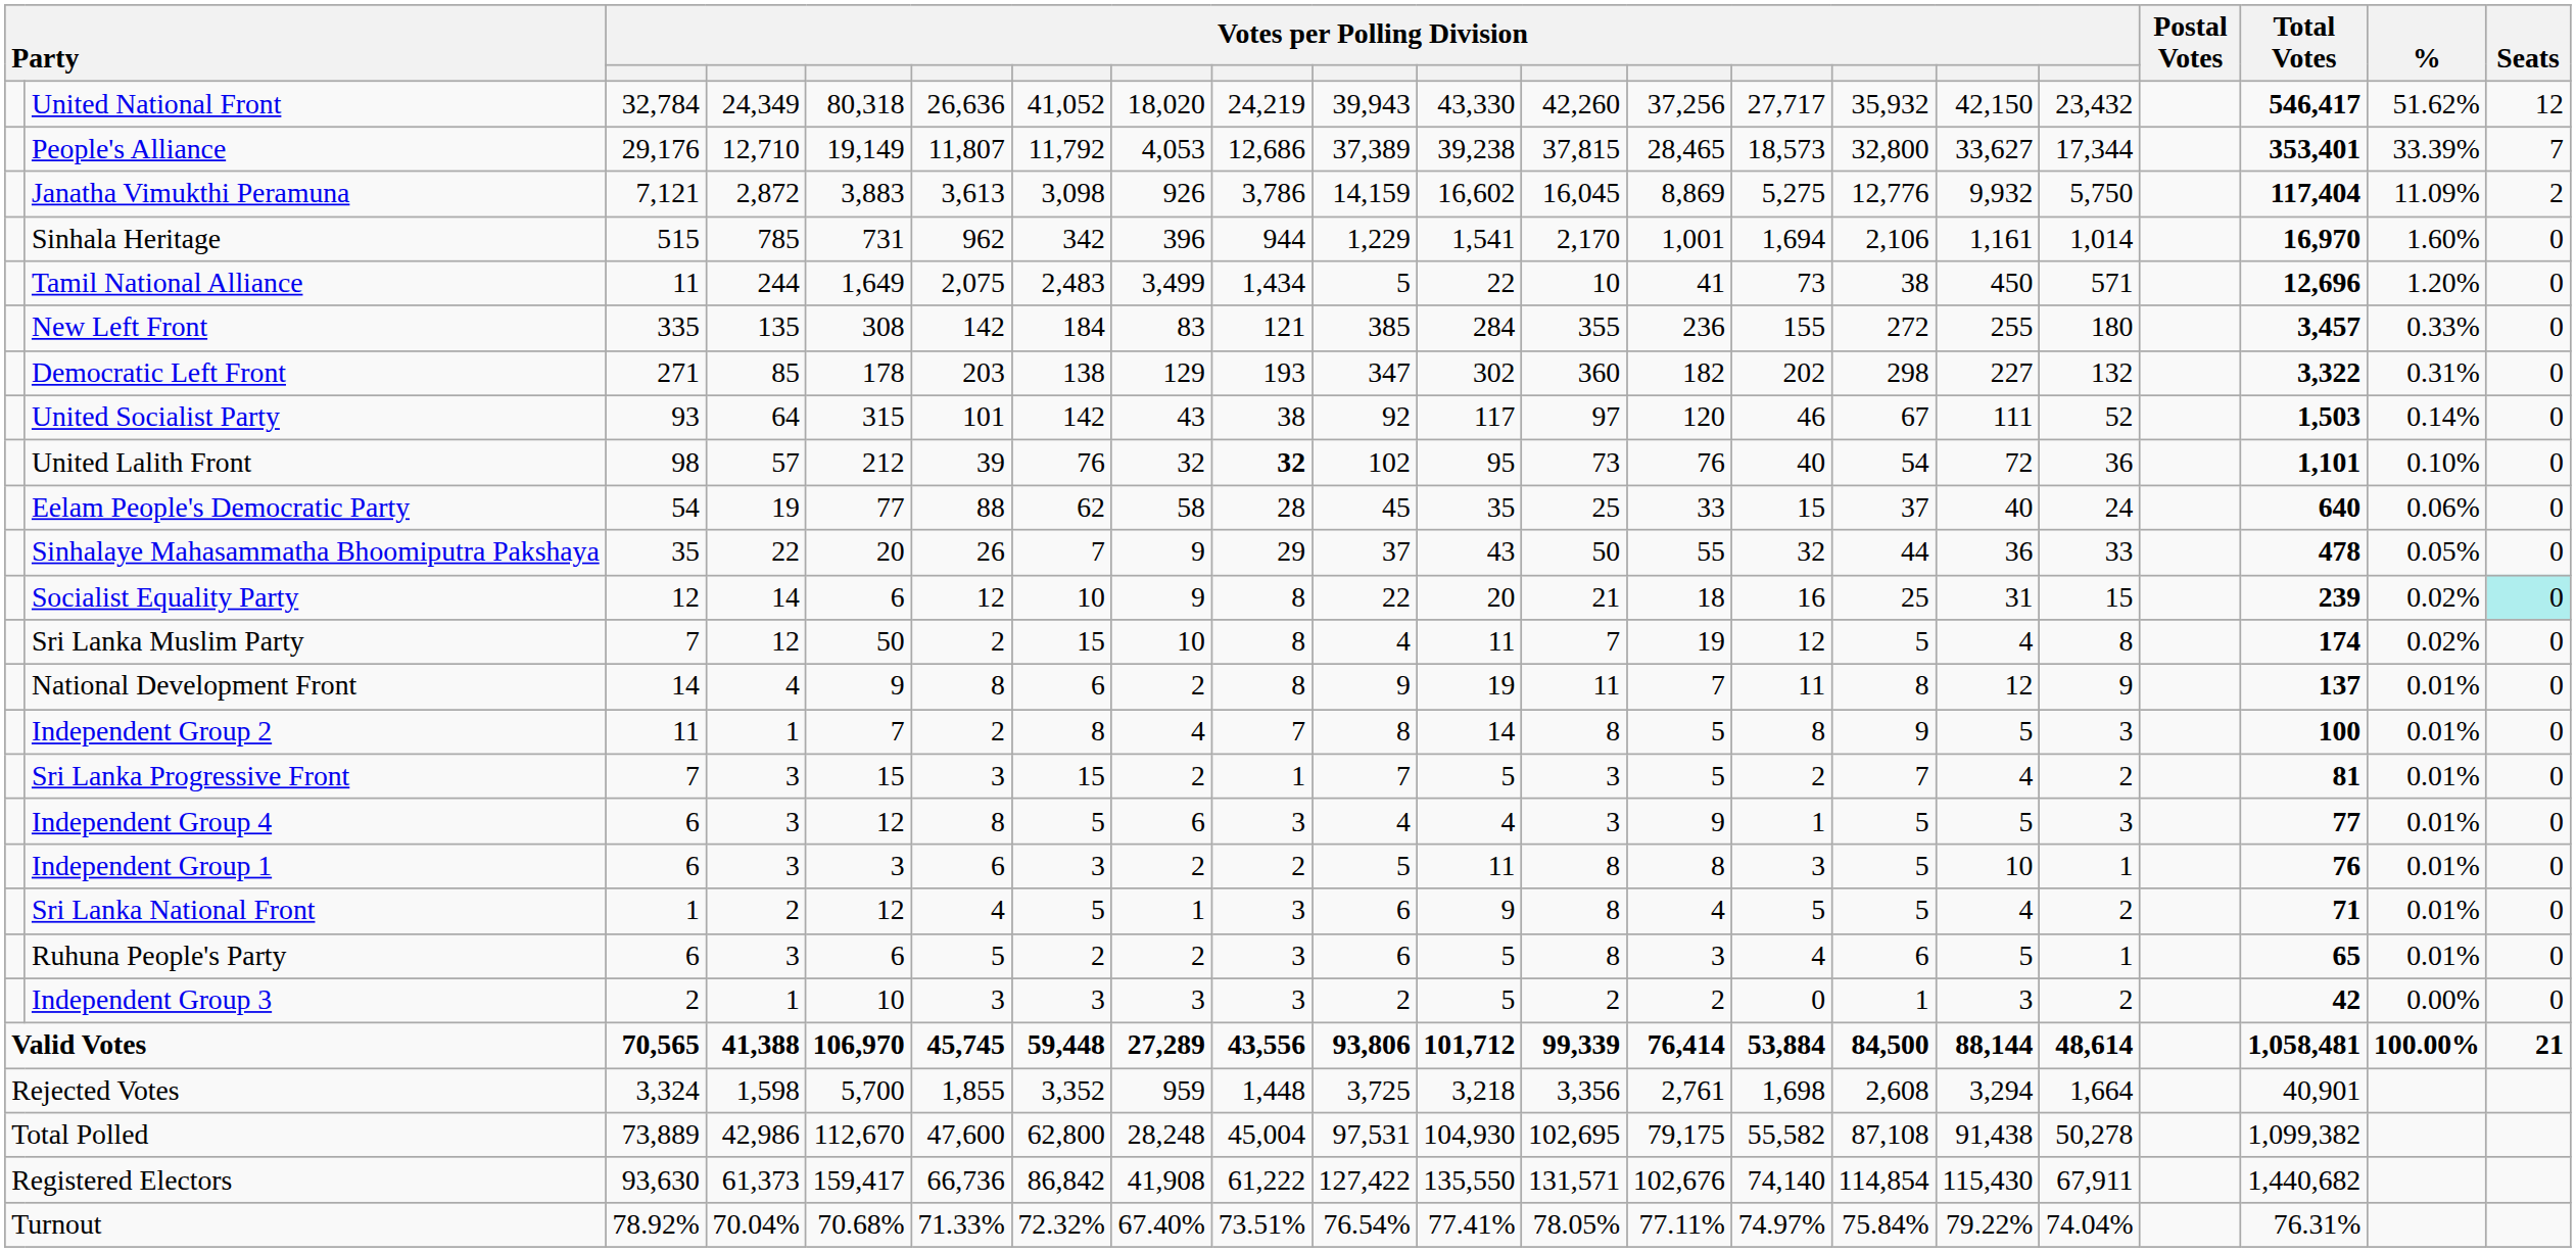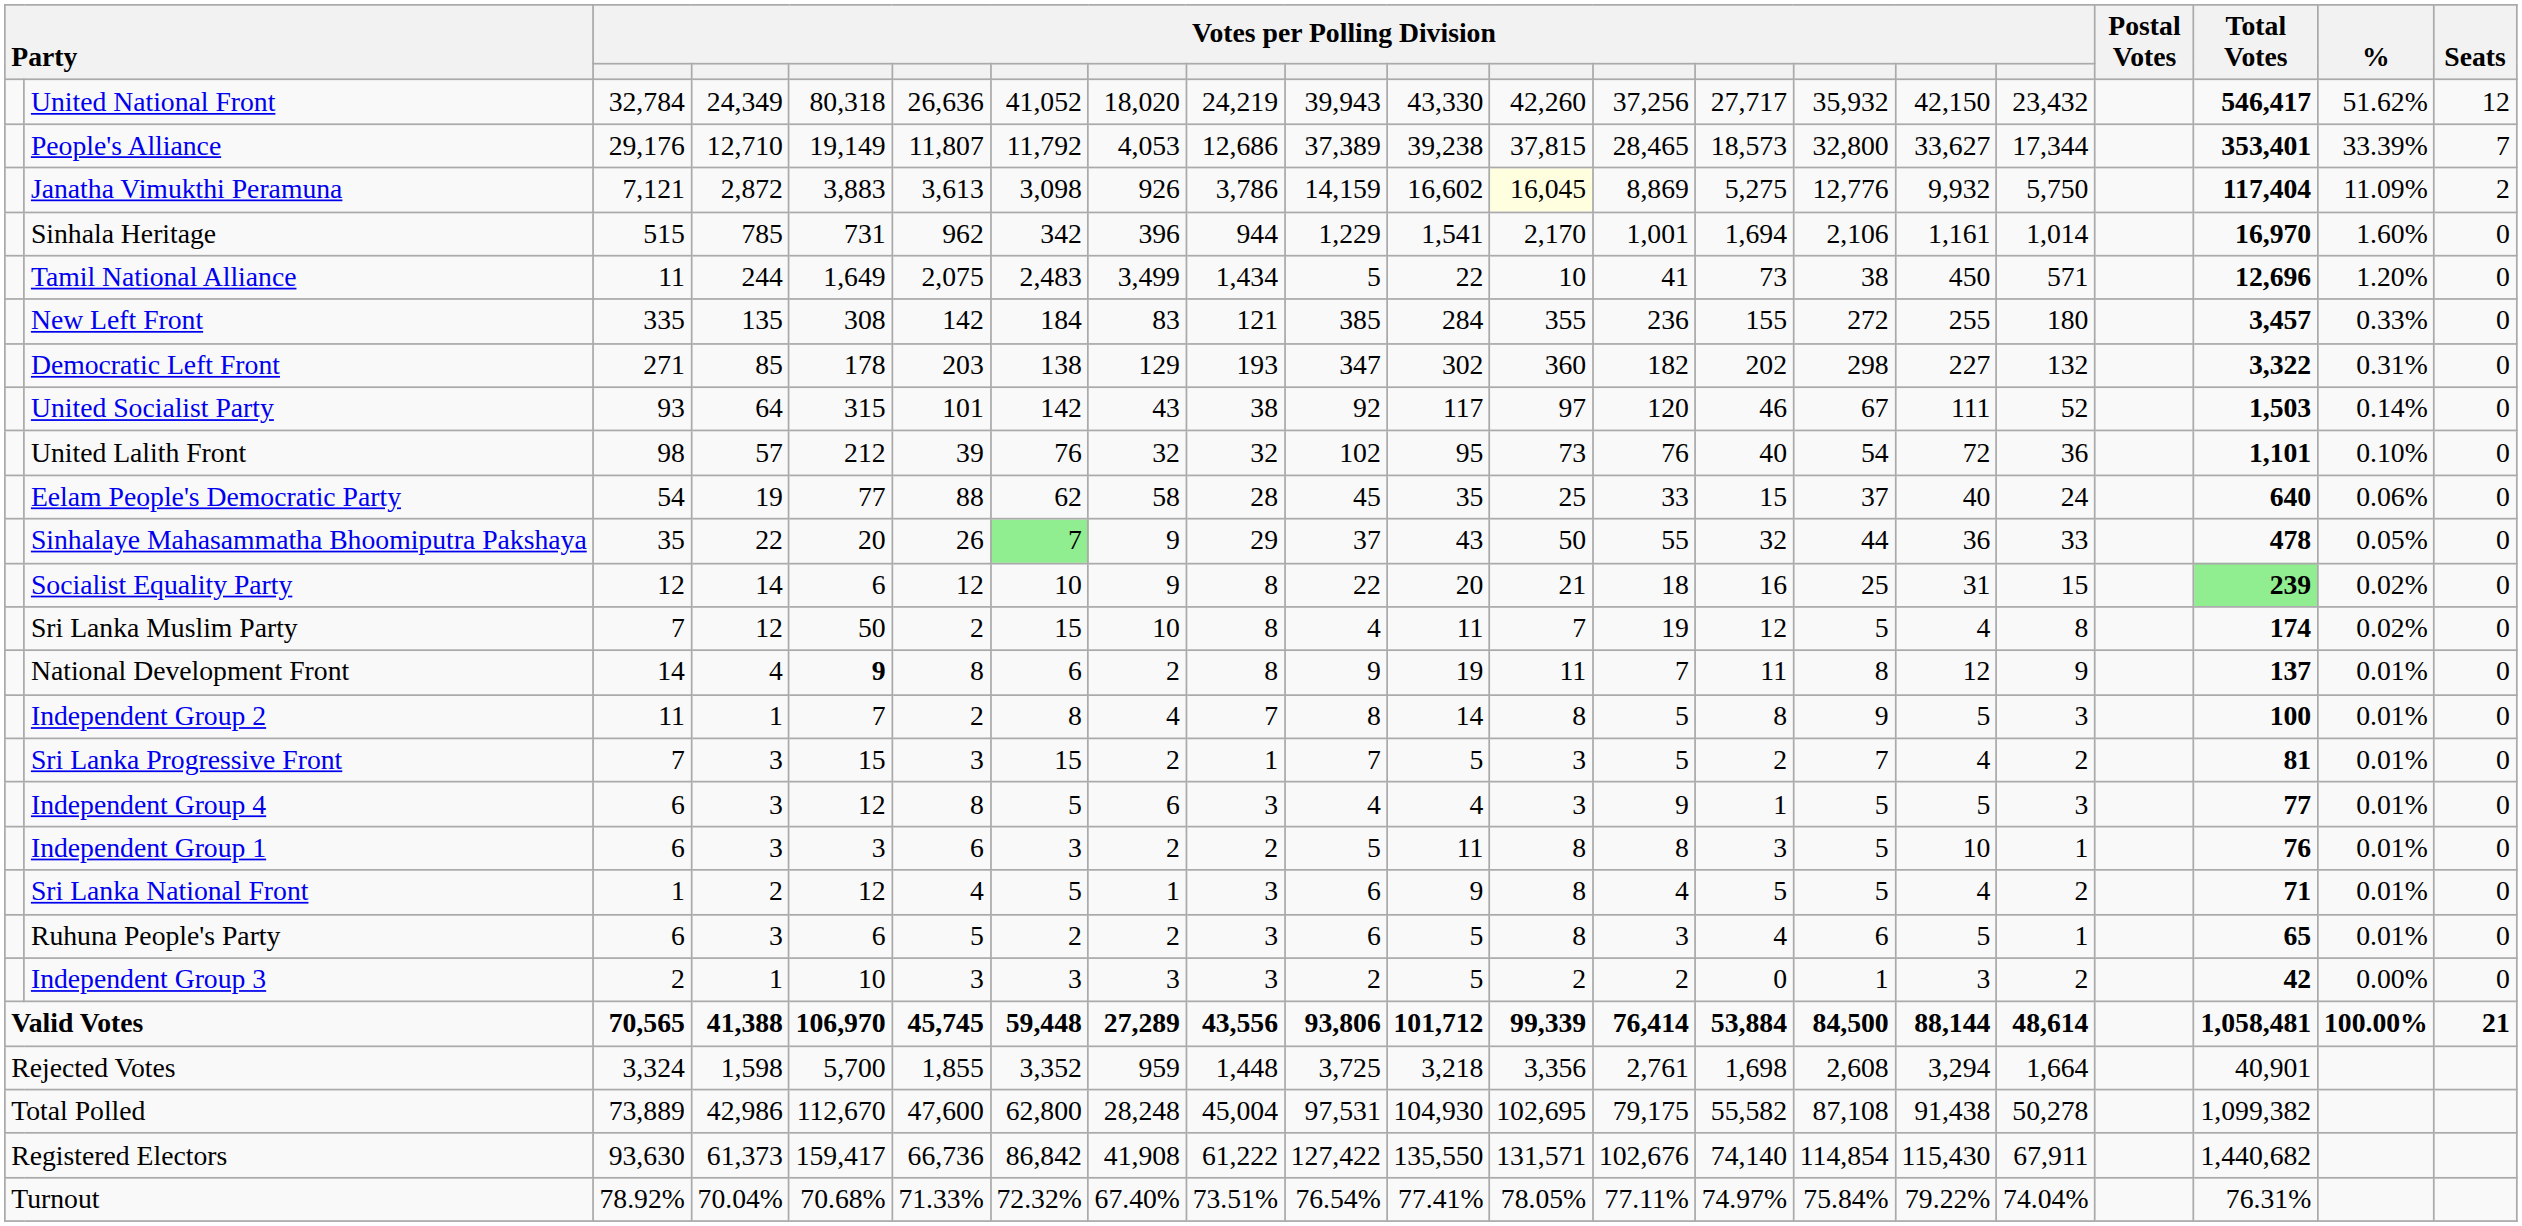 <table class="wikitable" style="text-align:right;">
 <tr>
 <th style="text-align:left; vertical-align:bottom;" rowspan="2" colspan="2">Party</th>
 <th colspan=15>Votes per Polling Division</th>
 <th rowspan="2" style="vertical-align:bottom; text-align:center; width:50px;">Postal<br>Votes</th>
 <th rowspan="2" style="vertical-align:bottom; text-align:center; width:50px;">Total Votes</th>
 <th rowspan="2" style="vertical-align:bottom; text-align:center; width:50px;">%</th>
 <th rowspan="2" style="vertical-align:bottom; text-align:center; width:40px;">Seats</th>
 </tr>
 <tr>
 <th></th>
 <th></th>
 <th></th>
 <th></th>
 <th></th>
 <th></th>
 <th></th>
 <th></th>
 <th></th>
 <th></th>
 <th></th>
 <th></th>
 <th></th>
 <th></th>
 <th></th>
 </tr>
 <tr>
 <td bgcolor=> </td>
 <td align=left><a href='#'>United National Front</a></td>
 <td>32,784</td>
 <td>24,349</td>
 <td>80,318</td>
 <td>26,636</td>
 <td>41,052</td>
 <td>18,020</td>
 <td>24,219</td>
 <td>39,943</td>
 <td>43,330</td>
 <td>42,260</td>
 <td>37,256</td>
 <td>27,717</td>
 <td>35,932</td>
 <td>42,150</td>
 <td>23,432</td>
 <td></td>
 <td><strong>546,417</strong></td>
 <td>51.62%</td>
 <td>12</td>
 </tr>
 <tr>
 <td bgcolor=> </td>
 <td align=left><a href='#'>People's Alliance</a></td>
 <td>29,176</td>
 <td>12,710</td>
 <td>19,149</td>
 <td>11,807</td>
 <td>11,792</td>
 <td>4,053</td>
 <td>12,686</td>
 <td>37,389</td>
 <td>39,238</td>
 <td>37,815</td>
 <td>28,465</td>
 <td>18,573</td>
 <td>32,800</td>
 <td>33,627</td>
 <td>17,344</td>
 <td></td>
 <td><strong>353,401</strong></td>
 <td>33.39%</td>
 <td>7</td>
 </tr>
 <tr>
 <td bgcolor=> </td>
 <td align=left><a href='#'>Janatha Vimukthi Peramuna</a></td>
 <td>7,121</td>
 <td>2,872</td>
 <td>3,883</td>
 <td>3,613</td>
 <td>3,098</td>
 <td>926</td>
 <td>3,786</td>
 <td>14,159</td>
 <td>16,602</td>
-<td>16,045</td>
+<td style="background: lightyellow;">16,045</td>
 <td>8,869</td>
 <td>5,275</td>
 <td>12,776</td>
 <td>9,932</td>
 <td>5,750</td>
 <td></td>
 <td><strong>117,404</strong></td>
 <td>11.09%</td>
 <td>2</td>
 </tr>
 <tr>
 <td bgcolor=> </td>
 <td align=left>Sinhala Heritage</td>
 <td>515</td>
 <td>785</td>
 <td>731</td>
 <td>962</td>
 <td>342</td>
 <td>396</td>
 <td>944</td>
 <td>1,229</td>
 <td>1,541</td>
 <td>2,170</td>
 <td>1,001</td>
 <td>1,694</td>
 <td>2,106</td>
 <td>1,161</td>
 <td>1,014</td>
 <td></td>
 <td><strong>16,970</strong></td>
 <td>1.60%</td>
 <td>0</td>
 </tr>
 <tr>
 <td bgcolor=> </td>
 <td align=left><a href='#'>Tamil National Alliance</a></td>
 <td>11</td>
 <td>244</td>
 <td>1,649</td>
 <td>2,075</td>
 <td>2,483</td>
 <td>3,499</td>
 <td>1,434</td>
 <td>5</td>
 <td>22</td>
 <td>10</td>
 <td>41</td>
 <td>73</td>
 <td>38</td>
 <td>450</td>
 <td>571</td>
 <td></td>
 <td><strong>12,696</strong></td>
 <td>1.20%</td>
 <td>0</td>
 </tr>
 <tr>
 <td bgcolor=> </td>
 <td align=left><a href='#'>New Left Front</a></td>
 <td>335</td>
 <td>135</td>
 <td>308</td>
 <td>142</td>
 <td>184</td>
 <td>83</td>
 <td>121</td>
 <td>385</td>
 <td>284</td>
 <td>355</td>
 <td>236</td>
 <td>155</td>
 <td>272</td>
 <td>255</td>
 <td>180</td>
 <td></td>
 <td><strong>3,457</strong></td>
 <td>0.33%</td>
 <td>0</td>
 </tr>
 <tr>
 <td bgcolor=> </td>
 <td align=left><a href='#'>Democratic Left Front</a></td>
 <td>271</td>
 <td>85</td>
 <td>178</td>
 <td>203</td>
 <td>138</td>
 <td>129</td>
 <td>193</td>
 <td>347</td>
 <td>302</td>
 <td>360</td>
 <td>182</td>
 <td>202</td>
 <td>298</td>
 <td>227</td>
 <td>132</td>
 <td></td>
 <td><strong>3,322</strong></td>
 <td>0.31%</td>
 <td>0</td>
 </tr>
 <tr>
 <td bgcolor=> </td>
 <td align=left><a href='#'>United Socialist Party</a></td>
 <td>93</td>
 <td>64</td>
 <td>315</td>
 <td>101</td>
 <td>142</td>
 <td>43</td>
 <td>38</td>
 <td>92</td>
 <td>117</td>
 <td>97</td>
 <td>120</td>
 <td>46</td>
 <td>67</td>
 <td>111</td>
 <td>52</td>
 <td></td>
 <td><strong>1,503</strong></td>
 <td>0.14%</td>
 <td>0</td>
 </tr>
 <tr>
 <td bgcolor=> </td>
 <td align=left>United Lalith Front</td>
 <td>98</td>
 <td>57</td>
 <td>212</td>
 <td>39</td>
 <td>76</td>
 <td>32</td>
-<td><strong>32</strong></td>
+<td>32</td>
 <td>102</td>
 <td>95</td>
 <td>73</td>
 <td>76</td>
 <td>40</td>
 <td>54</td>
 <td>72</td>
 <td>36</td>
 <td></td>
 <td><strong>1,101</strong></td>
 <td>0.10%</td>
 <td>0</td>
 </tr>
 <tr>
 <td bgcolor=> </td>
 <td align=left><a href='#'>Eelam People's Democratic Party</a></td>
 <td>54</td>
 <td>19</td>
 <td>77</td>
 <td>88</td>
 <td>62</td>
 <td>58</td>
 <td>28</td>
 <td>45</td>
 <td>35</td>
 <td>25</td>
 <td>33</td>
 <td>15</td>
 <td>37</td>
 <td>40</td>
 <td>24</td>
 <td></td>
 <td><strong>640</strong></td>
 <td>0.06%</td>
 <td>0</td>
 </tr>
 <tr>
 <td bgcolor=> </td>
 <td align=left><a href='#'>Sinhalaye Mahasammatha Bhoomiputra Pakshaya</a></td>
 <td>35</td>
 <td>22</td>
 <td>20</td>
 <td>26</td>
-<td>7</td>
+<td style="background: lightgreen;">7</td>
 <td>9</td>
 <td>29</td>
 <td>37</td>
 <td>43</td>
 <td>50</td>
 <td>55</td>
 <td>32</td>
 <td>44</td>
 <td>36</td>
 <td>33</td>
 <td></td>
 <td><strong>478</strong></td>
 <td>0.05%</td>
 <td>0</td>
 </tr>
 <tr>
 <td bgcolor=> </td>
 <td align=left><a href='#'>Socialist Equality Party</a></td>
 <td>12</td>
 <td>14</td>
 <td>6</td>
 <td>12</td>
 <td>10</td>
 <td>9</td>
 <td>8</td>
 <td>22</td>
 <td>20</td>
 <td>21</td>
 <td>18</td>
 <td>16</td>
 <td>25</td>
 <td>31</td>
 <td>15</td>
 <td></td>
-<td><strong>239</strong></td>
+<td style="background: lightgreen;"><strong>239</strong></td>
 <td>0.02%</td>
-<td style="background: paleturquoise;">0</td>
+<td>0</td>
 </tr>
 <tr>
 <td bgcolor=> </td>
 <td align=left>Sri Lanka Muslim Party</td>
 <td>7</td>
 <td>12</td>
 <td>50</td>
 <td>2</td>
 <td>15</td>
 <td>10</td>
 <td>8</td>
 <td>4</td>
 <td>11</td>
 <td>7</td>
 <td>19</td>
 <td>12</td>
 <td>5</td>
 <td>4</td>
 <td>8</td>
 <td></td>
 <td><strong>174</strong></td>
 <td>0.02%</td>
 <td>0</td>
 </tr>
 <tr>
 <td bgcolor=> </td>
 <td align=left>National Development Front</td>
 <td>14</td>
 <td>4</td>
-<td>9</td>
+<td><strong>9</strong></td>
 <td>8</td>
 <td>6</td>
 <td>2</td>
 <td>8</td>
 <td>9</td>
 <td>19</td>
 <td>11</td>
 <td>7</td>
 <td>11</td>
 <td>8</td>
 <td>12</td>
 <td>9</td>
 <td></td>
 <td><strong>137</strong></td>
 <td>0.01%</td>
 <td>0</td>
 </tr>
 <tr>
 <td bgcolor=> </td>
 <td align=left><a href='#'>Independent Group 2</a></td>
 <td>11</td>
 <td>1</td>
 <td>7</td>
 <td>2</td>
 <td>8</td>
 <td>4</td>
 <td>7</td>
 <td>8</td>
 <td>14</td>
 <td>8</td>
 <td>5</td>
 <td>8</td>
 <td>9</td>
 <td>5</td>
 <td>3</td>
 <td></td>
 <td><strong>100</strong></td>
 <td>0.01%</td>
 <td>0</td>
 </tr>
 <tr>
 <td bgcolor=> </td>
 <td align=left><a href='#'>Sri Lanka Progressive Front</a></td>
 <td>7</td>
 <td>3</td>
 <td>15</td>
 <td>3</td>
 <td>15</td>
 <td>2</td>
 <td>1</td>
 <td>7</td>
 <td>5</td>
 <td>3</td>
 <td>5</td>
 <td>2</td>
 <td>7</td>
 <td>4</td>
 <td>2</td>
 <td></td>
 <td><strong>81</strong></td>
 <td>0.01%</td>
 <td>0</td>
 </tr>
 <tr>
 <td bgcolor=> </td>
 <td align=left><a href='#'>Independent Group 4</a></td>
 <td>6</td>
 <td>3</td>
 <td>12</td>
 <td>8</td>
 <td>5</td>
 <td>6</td>
 <td>3</td>
 <td>4</td>
 <td>4</td>
 <td>3</td>
 <td>9</td>
 <td>1</td>
 <td>5</td>
 <td>5</td>
 <td>3</td>
 <td></td>
 <td><strong>77</strong></td>
 <td>0.01%</td>
 <td>0</td>
 </tr>
 <tr>
 <td bgcolor=> </td>
 <td align=left><a href='#'>Independent Group 1</a></td>
 <td>6</td>
 <td>3</td>
 <td>3</td>
 <td>6</td>
 <td>3</td>
 <td>2</td>
 <td>2</td>
 <td>5</td>
 <td>11</td>
 <td>8</td>
 <td>8</td>
 <td>3</td>
 <td>5</td>
 <td>10</td>
 <td>1</td>
 <td></td>
 <td><strong>76</strong></td>
 <td>0.01%</td>
 <td>0</td>
 </tr>
 <tr>
 <td bgcolor=> </td>
 <td align=left><a href='#'>Sri Lanka National Front</a></td>
 <td>1</td>
 <td>2</td>
 <td>12</td>
 <td>4</td>
 <td>5</td>
 <td>1</td>
 <td>3</td>
 <td>6</td>
 <td>9</td>
 <td>8</td>
 <td>4</td>
 <td>5</td>
 <td>5</td>
 <td>4</td>
 <td>2</td>
 <td></td>
 <td><strong>71</strong></td>
 <td>0.01%</td>
 <td>0</td>
 </tr>
 <tr>
 <td bgcolor=> </td>
 <td align=left>Ruhuna People's Party</td>
 <td>6</td>
 <td>3</td>
 <td>6</td>
 <td>5</td>
 <td>2</td>
 <td>2</td>
 <td>3</td>
 <td>6</td>
 <td>5</td>
 <td>8</td>
 <td>3</td>
 <td>4</td>
 <td>6</td>
 <td>5</td>
 <td>1</td>
 <td></td>
 <td><strong>65</strong></td>
 <td>0.01%</td>
 <td>0</td>
 </tr>
 <tr>
 <td bgcolor=> </td>
 <td align=left><a href='#'>Independent Group 3</a></td>
 <td>2</td>
 <td>1</td>
 <td>10</td>
 <td>3</td>
 <td>3</td>
 <td>3</td>
 <td>3</td>
 <td>2</td>
 <td>5</td>
 <td>2</td>
 <td>2</td>
 <td>0</td>
 <td>1</td>
 <td>3</td>
 <td>2</td>
 <td></td>
 <td><strong>42</strong></td>
 <td>0.00%</td>
 <td>0</td>
 </tr>
 <tr style="font-weight:bold">
 <td style="text-align:left;" colspan="2">Valid Votes</td>
 <td>70,565</td>
 <td>41,388</td>
 <td>106,970</td>
 <td>45,745</td>
 <td>59,448</td>
 <td>27,289</td>
 <td>43,556</td>
 <td>93,806</td>
 <td>101,712</td>
 <td>99,339</td>
 <td>76,414</td>
 <td>53,884</td>
 <td>84,500</td>
 <td>88,144</td>
 <td>48,614</td>
 <td></td>
 <td>1,058,481</td>
 <td>100.00%</td>
 <td>21</td>
 </tr>
 <tr>
 <td style="text-align:left;" colspan="2">Rejected Votes</td>
 <td>3,324</td>
 <td>1,598</td>
 <td>5,700</td>
 <td>1,855</td>
 <td>3,352</td>
 <td>959</td>
 <td>1,448</td>
 <td>3,725</td>
 <td>3,218</td>
 <td>3,356</td>
 <td>2,761</td>
 <td>1,698</td>
 <td>2,608</td>
 <td>3,294</td>
 <td>1,664</td>
 <td></td>
 <td>40,901</td>
 <td></td>
 <td></td>
 </tr>
 <tr>
 <td style="text-align:left;" colspan="2">Total Polled</td>
 <td>73,889</td>
 <td>42,986</td>
 <td>112,670</td>
 <td>47,600</td>
 <td>62,800</td>
 <td>28,248</td>
 <td>45,004</td>
 <td>97,531</td>
 <td>104,930</td>
 <td>102,695</td>
 <td>79,175</td>
 <td>55,582</td>
 <td>87,108</td>
 <td>91,438</td>
 <td>50,278</td>
 <td></td>
 <td>1,099,382</td>
 <td></td>
 <td></td>
 </tr>
 <tr>
 <td style="text-align:left;" colspan="2">Registered Electors</td>
 <td>93,630</td>
 <td>61,373</td>
 <td>159,417</td>
 <td>66,736</td>
 <td>86,842</td>
 <td>41,908</td>
 <td>61,222</td>
 <td>127,422</td>
 <td>135,550</td>
 <td>131,571</td>
 <td>102,676</td>
 <td>74,140</td>
 <td>114,854</td>
 <td>115,430</td>
 <td>67,911</td>
 <td></td>
 <td>1,440,682</td>
 <td></td>
 <td></td>
 </tr>
 <tr>
 <td style="text-align:left;" colspan="2">Turnout</td>
 <td>78.92%</td>
 <td>70.04%</td>
 <td>70.68%</td>
 <td>71.33%</td>
 <td>72.32%</td>
 <td>67.40%</td>
 <td>73.51%</td>
 <td>76.54%</td>
 <td>77.41%</td>
 <td>78.05%</td>
 <td>77.11%</td>
 <td>74.97%</td>
 <td>75.84%</td>
 <td>79.22%</td>
 <td>74.04%</td>
 <td></td>
 <td>76.31%</td>
 <td></td>
 <td></td>
 </tr>
 </table>
